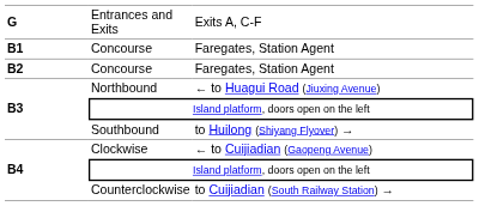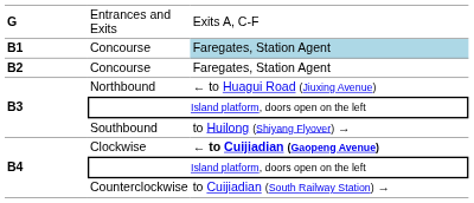 <table cellspacing=0 cellpadding=3>
 <tr>
 <td style="border-top:solid 1px gray;border-bottom:solid 1px gray;" width=100><strong>G</strong></td>
 <td style="border-top:solid 1px gray;border-bottom:solid 1px gray;" width=100>Entrances and Exits</td>
 <td style="border-top:solid 1px gray;border-bottom:solid 1px gray;" width=350>Exits A, C-F</td>
 </tr>
 <tr>
 <td style="border-top:solid 0px gray;border-bottom:solid 1px gray;" width=100><strong>B1</strong></td>
 <td style="border-top:solid 0px gray;border-bottom:solid 1px gray;" width=100>Concourse</td>
-<td style="border-top:solid 0px gray;border-bottom:solid 1px gray;" width=350>Faregates, Station Agent</td>
+<td style="background: lightblue; border-top:solid 0px gray;border-bottom:solid 1px gray;" width=350>Faregates, Station Agent</td>
 </tr>
 <tr>
 <td style="border-top:solid 0px gray;border-bottom:solid 1px gray;" width=100><strong>B2</strong></td>
 <td style="border-top:solid 0px gray;border-bottom:solid 1px gray;" width=100>Concourse</td>
 <td style="border-top:solid 0px gray;border-bottom:solid 1px gray;" width=350>Faregates, Station Agent</td>
 </tr>
 <tr>
 <td style="border-bottom:solid 1px gray;" rowspan=3><strong>B3</strong></td>
 <td>Northbound</td>
 <td>←  to <a href='#'>Huagui Road</a> <small>(<a href='#'>Jiuxing Avenue</a>)</small></td>
 </tr>
 <tr>
 <td style="border-right:solid 2px black;border-left:solid 2px black;border-top:solid 2px black;border-bottom:solid 2px black;text-align:center;" colspan=2><small><a href='#'>Island platform</a>, doors open on the left</small></td>
 </tr>
 <tr>
 <td style="border-bottom:solid 1px gray;">Southbound</td>
 <td style="border-bottom:solid 1px gray;">  to <a href='#'>Huilong</a> <small>(<a href='#'>Shiyang Flyover</a>)</small> →</td>
 </tr>
 <tr>
 <td style="border-bottom:solid 1px gray;" rowspan=3><strong>B4</strong></td>
 <td>Clockwise</td>
-<td>←  to <a href='#'>Cuijiadian</a> <small>(<a href='#'>Gaopeng Avenue</a>)</small></td>
+<td><strong>←  to <a href='#'>Cuijiadian</a> <small>(<a href='#'>Gaopeng Avenue</a>)</small></strong></td>
 </tr>
 <tr>
 <td style="border-right:solid 2px black;border-left:solid 2px black;border-top:solid 2px black;border-bottom:solid 2px black;text-align:center;" colspan=2><small><a href='#'>Island platform</a>, doors open on the left</small></td>
 </tr>
 <tr>
 <td style="border-bottom:solid 1px gray;">Counterclockwise</td>
 <td style="border-bottom:solid 1px gray;">  to <a href='#'>Cuijiadian</a> <small>(<a href='#'>South Railway Station</a>)</small> →</td>
 </tr>
 </table>
